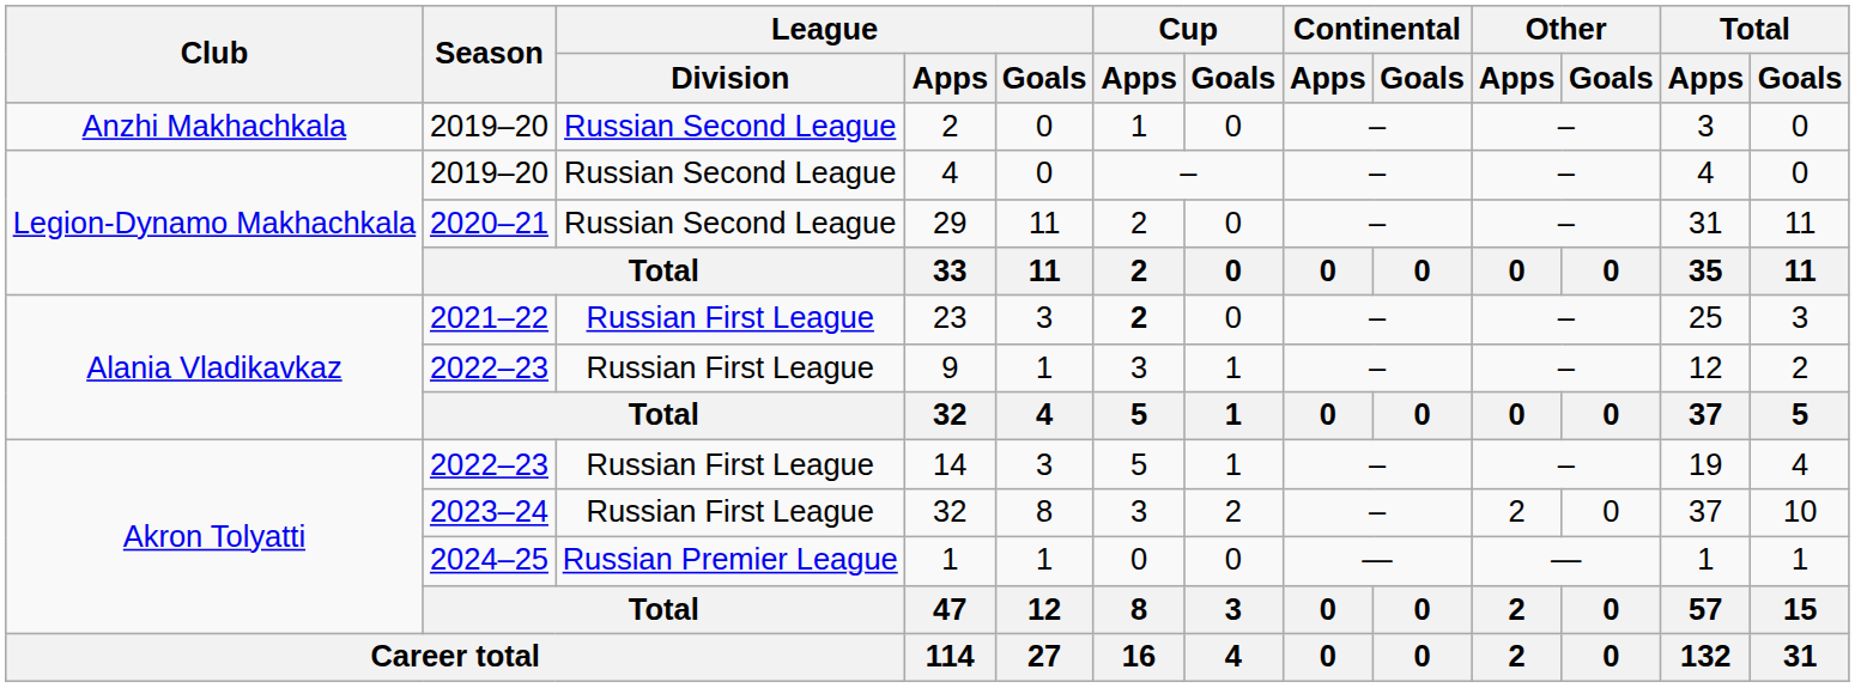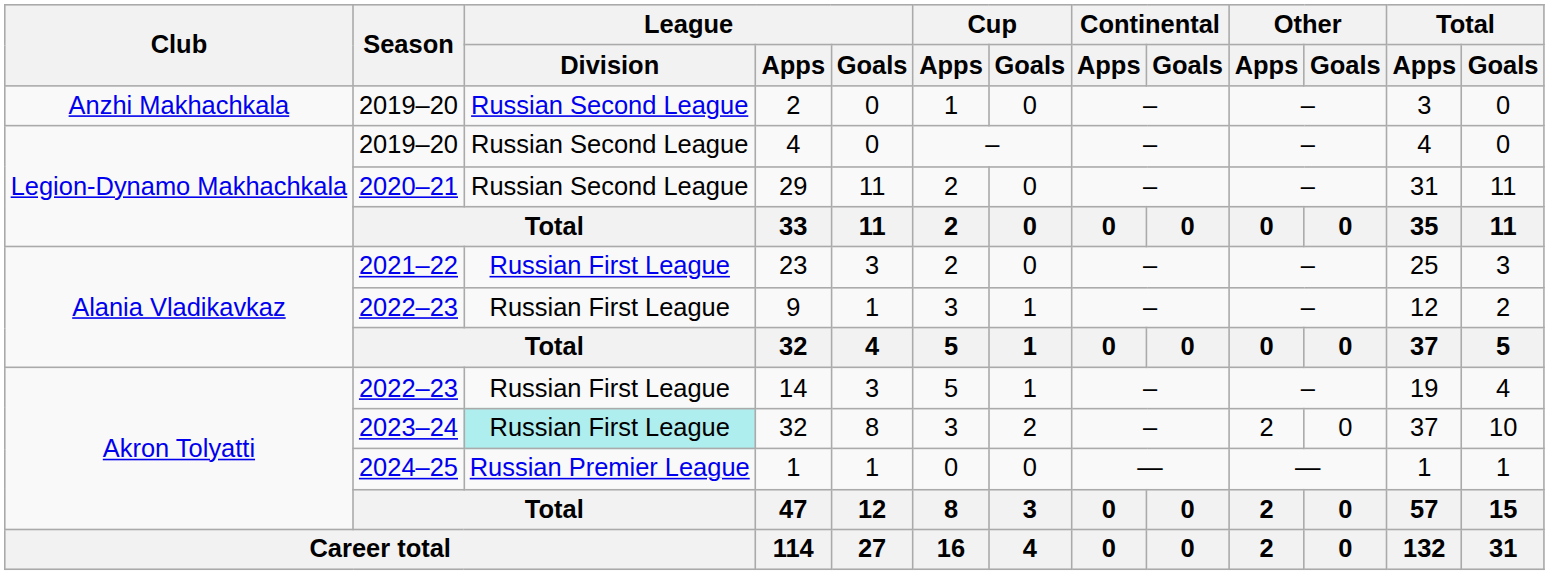 <table class="wikitable" style="text-align: center;">
 <tr>
 <th rowspan=2>Club</th>
 <th rowspan=2>Season</th>
 <th colspan=3>League</th>
 <th colspan=2>Cup</th>
 <th colspan=2>Continental</th>
 <th colspan=2>Other</th>
 <th colspan=2>Total</th>
 </tr>
 <tr>
 <th>Division</th>
 <th>Apps</th>
 <th>Goals</th>
 <th>Apps</th>
 <th>Goals</th>
 <th>Apps</th>
 <th>Goals</th>
 <th>Apps</th>
 <th>Goals</th>
 <th>Apps</th>
 <th>Goals</th>
 </tr>
 <tr>
 <td><a href='#'>Anzhi Makhachkala</a></td>
 <td>2019–20</td>
 <td><a href='#'>Russian Second League</a></td>
 <td>2</td>
 <td>0</td>
 <td>1</td>
 <td>0</td>
 <td colspan=2>–</td>
 <td colspan=2>–</td>
 <td>3</td>
 <td>0</td>
 </tr>
 <tr>
 <td rowspan="3"><a href='#'>Legion-Dynamo Makhachkala</a></td>
 <td>2019–20</td>
 <td>Russian Second League</td>
 <td>4</td>
 <td>0</td>
 <td colspan=2>–</td>
 <td colspan=2>–</td>
 <td colspan=2>–</td>
 <td>4</td>
 <td>0</td>
 </tr>
 <tr>
 <td><a href='#'>2020–21</a></td>
 <td>Russian Second League</td>
 <td>29</td>
 <td>11</td>
 <td>2</td>
 <td>0</td>
 <td colspan=2>–</td>
 <td colspan=2>–</td>
 <td>31</td>
 <td>11</td>
 </tr>
 <tr>
 <th colspan=2>Total</th>
 <th>33</th>
 <th>11</th>
 <th>2</th>
 <th>0</th>
 <th>0</th>
 <th>0</th>
 <th>0</th>
 <th>0</th>
 <th>35</th>
 <th>11</th>
 </tr>
 <tr>
 <td rowspan="3"><a href='#'>Alania Vladikavkaz</a></td>
 <td><a href='#'>2021–22</a></td>
 <td><a href='#'>Russian First League</a></td>
 <td>23</td>
 <td>3</td>
-<td><strong>2</strong></td>
+<td>2</td>
 <td>0</td>
 <td colspan=2>–</td>
 <td colspan=2>–</td>
 <td>25</td>
 <td>3</td>
 </tr>
 <tr>
 <td><a href='#'>2022–23</a></td>
 <td>Russian First League</td>
 <td>9</td>
 <td>1</td>
 <td>3</td>
 <td>1</td>
 <td colspan=2>–</td>
 <td colspan=2>–</td>
 <td>12</td>
 <td>2</td>
 </tr>
 <tr>
 <th colspan=2>Total</th>
 <th>32</th>
 <th>4</th>
 <th>5</th>
 <th>1</th>
 <th>0</th>
 <th>0</th>
 <th>0</th>
 <th>0</th>
 <th>37</th>
 <th>5</th>
 </tr>
 <tr>
 <td rowspan="4"><a href='#'>Akron Tolyatti</a></td>
 <td><a href='#'>2022–23</a></td>
 <td>Russian First League</td>
 <td>14</td>
 <td>3</td>
 <td>5</td>
 <td>1</td>
 <td colspan=2>–</td>
 <td colspan=2>–</td>
 <td>19</td>
 <td>4</td>
 </tr>
 <tr>
 <td><a href='#'>2023–24</a></td>
-<td>Russian First League</td>
+<td style="background: paleturquoise;">Russian First League</td>
 <td>32</td>
 <td>8</td>
 <td>3</td>
 <td>2</td>
 <td colspan=2>–</td>
 <td>2</td>
 <td>0</td>
 <td>37</td>
 <td>10</td>
 </tr>
 <tr>
 <td><a href='#'>2024–25</a></td>
 <td><a href='#'>Russian Premier League</a></td>
 <td>1</td>
 <td>1</td>
 <td>0</td>
 <td>0</td>
 <td colspan="2">—</td>
 <td colspan="2">—</td>
 <td>1</td>
 <td>1</td>
 </tr>
 <tr>
 <th colspan=2>Total</th>
 <th>47</th>
 <th>12</th>
 <th>8</th>
 <th>3</th>
 <th>0</th>
 <th>0</th>
 <th>2</th>
 <th>0</th>
 <th>57</th>
 <th>15</th>
 </tr>
 <tr>
 <th colspan=3>Career total</th>
 <th>114</th>
 <th>27</th>
 <th>16</th>
 <th>4</th>
 <th>0</th>
 <th>0</th>
 <th>2</th>
 <th>0</th>
 <th>132</th>
 <th>31</th>
 </tr>
 </table>
